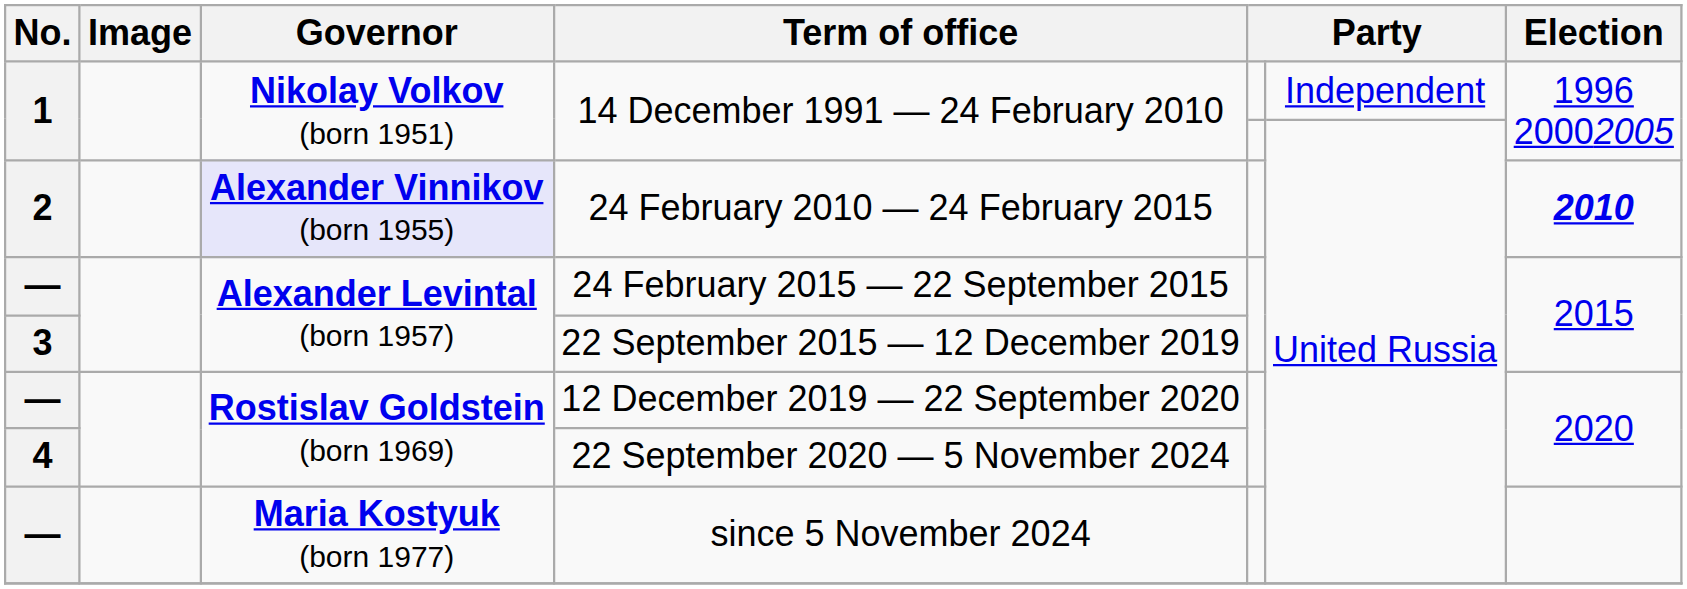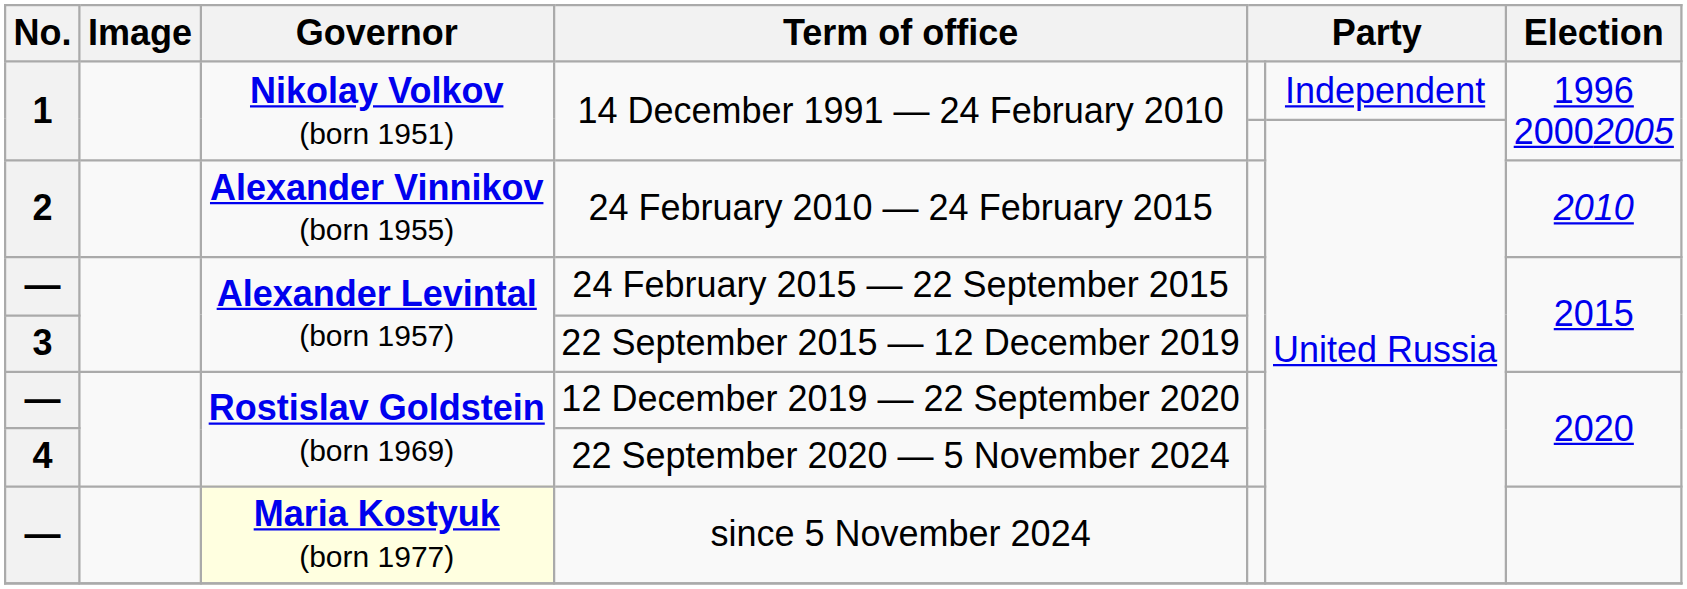 <table class="wikitable" style="text-align: center;">
 <tr>
 <th>No.</th>
 <th>Image</th>
 <th>Governor</th>
 <th>Term of office</th>
 <th colspan=2>Party</th>
 <th>Election</th>
 </tr>
 <tr>
 <th rowspan=2>1</th>
 <td rowspan=2></td>
 <td rowspan=2><strong><a href='#'>Nikolay Volkov</a></strong><br><small>(born 1951)</small></td>
 <td rowspan=2>14 December 1991 — 24 February 2010</td>
 <td style="background: "></td>
 <td><a href='#'>Independent</a></td>
 <td rowspan=2><a href='#'>1996</a><br><a href='#'>2000</a><em><a href='#'>2005</a></em></td>
 </tr>
 <tr>
 <td style="background: "></td>
 <td rowspan=7><a href='#'>United Russia</a></td>
 </tr>
 <tr>
 <th>2</th>
 <td></td>
-<td style="background: lavender;"><strong><a href='#'>Alexander Vinnikov</a></strong><br><small>(born 1955)</small></td>
+<td><strong><a href='#'>Alexander Vinnikov</a></strong><br><small>(born 1955)</small></td>
 <td>24 February 2010 — 24 February 2015</td>
 <td style="background: "></td>
-<td><strong><em><a href='#'>2010</a></em></strong></td>
+<td><em><a href='#'>2010</a></em></td>
 </tr>
 <tr>
 <th>—</th>
 <td rowspan=2></td>
 <td rowspan=2><strong><a href='#'>Alexander Levintal</a></strong><br><small>(born 1957)</small></td>
 <td>24 February 2015 — 22 September 2015</td>
 <td rowspan=2; style="background: "></td>
 <td rowspan=2><a href='#'>2015</a></td>
 </tr>
 <tr>
 <th>3</th>
 <td>22 September 2015 — 12 December 2019</td>
 </tr>
 <tr>
 <th>—</th>
 <td rowspan=2></td>
 <td rowspan=2><strong><a href='#'>Rostislav Goldstein</a></strong><br><small>(born 1969)</small></td>
 <td>12 December 2019 — 22 September 2020</td>
 <td rowspan=2; style="background: "></td>
 <td rowspan=2><a href='#'>2020</a></td>
 </tr>
 <tr>
 <th>4</th>
 <td>22 September 2020 — 5 November 2024</td>
 </tr>
 <tr>
 <th>—</th>
 <td></td>
-<td><strong><a href='#'>Maria Kostyuk</a></strong><br><small>(born 1977)</small></td>
+<td style="background: lightyellow;"><strong><a href='#'>Maria Kostyuk</a></strong><br><small>(born 1977)</small></td>
 <td>since 5 November 2024</td>
 <td ; style="background: "></td>
 <td></td>
 </tr>
 <tr>
 </tr>
 </table>
